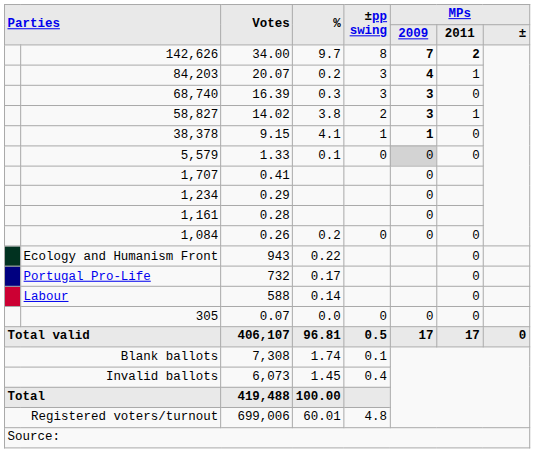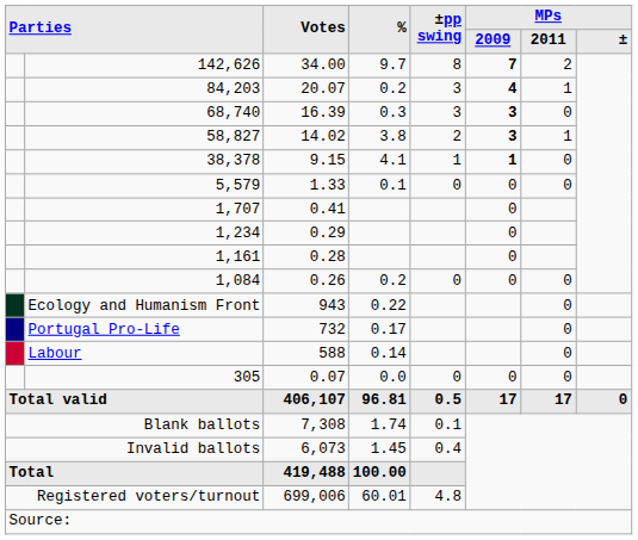 <table class="wikitable" style="text-align:right; font-size:95%;">
 <tr>
 <th rowspan="2" colspan="2" style="background:#e9e9e9; text-align:left;" alignleft><a href='#'>Parties</a></th>
 <th rowspan="2" style="background:#e9e9e9; text-align:right;">Votes</th>
 <th rowspan="2" style="background:#e9e9e9; text-align:right;">%</th>
 <th rowspan="2" style="background:#e9e9e9; text-align:right;">±<a href='#'>pp</a> <a href='#'>swing</a></th>
 <th colspan="3" style="background:#e9e9e9; text-align:center;"><a href='#'>MPs</a></th>
 </tr>
 <tr style="background-color:#E9E9E9">
 <th style="background-color:#E9E9E9;text-align:center;"><a href='#'>2009</a></th>
 <th style="background-color:#E9E9E9;text-align:center;">2011</th>
 <th style="background:#e9e9e9; text-align:right;">±</th>
 </tr>
 <tr>
 <td></td>
 <td>142,626</td>
 <td>34.00</td>
 <td>9.7</td>
 <td>8</td>
 <td><strong>7</strong></td>
-<td><strong>2</strong></td>
+<td>2</td>
 </tr>
 <tr>
 <td></td>
 <td>84,203</td>
 <td>20.07</td>
 <td>0.2</td>
 <td>3</td>
 <td><strong>4</strong></td>
 <td>1</td>
 </tr>
 <tr>
 <td></td>
 <td>68,740</td>
 <td>16.39</td>
 <td>0.3</td>
 <td>3</td>
 <td><strong>3</strong></td>
 <td>0</td>
 </tr>
 <tr>
 <td></td>
 <td>58,827</td>
 <td>14.02</td>
 <td>3.8</td>
 <td>2</td>
 <td><strong>3</strong></td>
 <td>1</td>
 </tr>
 <tr>
 <td></td>
 <td>38,378</td>
 <td>9.15</td>
 <td>4.1</td>
 <td>1</td>
 <td><strong>1</strong></td>
 <td>0</td>
 </tr>
 <tr>
 <td></td>
 <td>5,579</td>
 <td>1.33</td>
 <td>0.1</td>
 <td>0</td>
-<td style="background: lightgrey;">0</td>
+<td>0</td>
 <td>0</td>
 </tr>
 <tr>
 <td></td>
 <td>1,707</td>
 <td>0.41</td>
 <td></td>
 <td></td>
 <td>0</td>
 <td></td>
 </tr>
 <tr>
 <td></td>
 <td>1,234</td>
 <td>0.29</td>
 <td></td>
 <td></td>
 <td>0</td>
 <td></td>
 </tr>
 <tr>
 <td></td>
 <td>1,161</td>
 <td>0.28</td>
 <td></td>
 <td></td>
 <td>0</td>
 <td></td>
 </tr>
 <tr>
 <td></td>
 <td>1,084</td>
 <td>0.26</td>
 <td>0.2</td>
 <td>0</td>
 <td>0</td>
 <td>0</td>
 </tr>
 <tr>
 <td style="width:10px;background-color:#013220;text-align:center;"></td>
 <td style="text-align:left;">Ecology and Humanism Front </td>
 <td>943</td>
 <td>0.22</td>
 <td></td>
 <td></td>
 <td>0</td>
 <td></td>
 </tr>
 <tr>
 <td style="width:10px;background-color:#000080;text-align:center;"></td>
 <td style="text-align:left;"><a href='#'>Portugal Pro-Life</a></td>
 <td>732</td>
 <td>0.17</td>
 <td></td>
 <td></td>
 <td>0</td>
 <td></td>
 </tr>
 <tr>
 <td style="width: 10px" bgcolor=#CC0033 align="center"></td>
 <td align=left><a href='#'>Labour</a></td>
 <td>588</td>
 <td>0.14</td>
 <td></td>
 <td></td>
 <td>0</td>
 <td></td>
 </tr>
 <tr>
 <td></td>
 <td>305</td>
 <td>0.07</td>
 <td>0.0</td>
 <td>0</td>
 <td>0</td>
 <td>0</td>
 </tr>
 <tr>
 <td colspan=2 align=left style="background-color:#E9E9E9"><strong>Total valid</strong></td>
 <td width="65" align="right" style="background-color:#E9E9E9"><strong>406,107</strong></td>
 <td width="40" align="right" style="background-color:#E9E9E9"><strong>96.81</strong></td>
 <td width="40" align="right" style="background-color:#E9E9E9"><strong>0.5</strong></td>
 <td width="40" align="right" style="background-color:#E9E9E9"><strong>17</strong></td>
 <td width="40" align="right" style="background-color:#E9E9E9"><strong>17</strong></td>
 <td width="40" align="right" style="background-color:#E9E9E9"><strong>0</strong></td>
 </tr>
 <tr>
 <td colspan=2>Blank ballots</td>
 <td>7,308</td>
 <td>1.74</td>
 <td>0.1</td>
 <td colspan=4 rowspan=4></td>
 </tr>
 <tr>
 <td colspan=2>Invalid ballots</td>
 <td>6,073</td>
 <td>1.45</td>
 <td>0.4</td>
 </tr>
 <tr>
 <td colspan=2 align=left style="background-color:#E9E9E9"><strong>Total</strong></td>
 <td width="50" align="right" style="background-color:#E9E9E9"><strong>419,488</strong></td>
 <td width="40" align="right" style="background-color:#E9E9E9"><strong>100.00</strong></td>
 <td width="40" align="right" style="background-color:#E9E9E9"></td>
 </tr>
 <tr>
 <td colspan=2>Registered voters/turnout</td>
 <td>699,006</td>
 <td>60.01</td>
 <td>4.8</td>
 </tr>
 <tr>
 <td colspan=11 align=left>Source: </td>
 </tr>
 </table>
